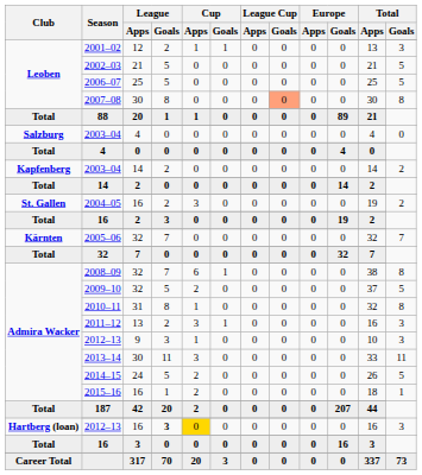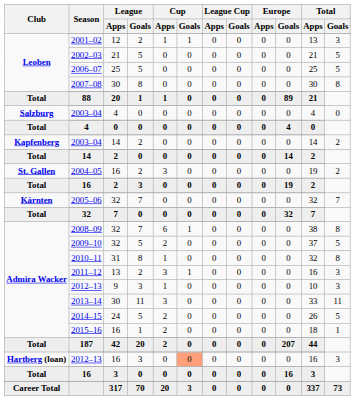 <table class="wikitable" style="font-size:90%; text-align: center;">
 <tr>
 <th rowspan="2">Club</th>
 <th rowspan="2">Season</th>
 <th colspan="2">League</th>
 <th colspan="2">Cup</th>
 <th colspan="2">League Cup</th>
 <th colspan="2">Europe</th>
 <th colspan="2">Total</th>
 </tr>
 <tr>
 <th>Apps</th>
 <th>Goals</th>
 <th>Apps</th>
 <th>Goals</th>
 <th>Apps</th>
 <th>Goals</th>
 <th>Apps</th>
 <th>Goals</th>
 <th>Apps</th>
 <th>Goals</th>
 </tr>
 <tr ||-||-||-|->
 <td rowspan="6" valign="center"><strong><a href='#'>Leoben</a></strong></td>
 </tr>
 <tr>
 <td><a href='#'>2001–02</a></td>
 <td>12</td>
 <td>2</td>
 <td>1</td>
 <td>1</td>
 <td>0</td>
 <td>0</td>
 <td>0</td>
 <td>0</td>
 <td>13</td>
 <td>3</td>
 </tr>
 <tr>
 <td><a href='#'>2002–03</a></td>
 <td>21</td>
 <td>5</td>
 <td>0</td>
 <td>0</td>
 <td>0</td>
 <td>0</td>
 <td>0</td>
 <td>0</td>
 <td>21</td>
 <td>5</td>
 </tr>
 <tr>
 <td><a href='#'>2006–07</a></td>
 <td>25</td>
 <td>5</td>
 <td>0</td>
 <td>0</td>
 <td>0</td>
 <td>0</td>
 <td>0</td>
 <td>0</td>
 <td>25</td>
 <td>5</td>
 </tr>
 <tr>
 <td><a href='#'>2007–08</a></td>
 <td>30</td>
 <td>8</td>
 <td>0</td>
 <td>0</td>
 <td>0</td>
-<td style="background: lightsalmon;">0</td>
+<td>0</td>
 <td>0</td>
 <td>0</td>
 <td>30</td>
 <td>8</td>
 </tr>
 <tr>
 </tr>
 <tr style="font-weight:bold; background-color:#eeeeee;">
 <td>Total</td>
 <td>88</td>
 <td>20</td>
 <td>1</td>
 <td>1</td>
 <td>0</td>
 <td>0</td>
 <td>0</td>
 <td>0</td>
 <td>89</td>
 <td>21</td>
 </tr>
 <tr>
 <td rowspan="3" valign="center"><strong><a href='#'>Salzburg</a></strong></td>
 </tr>
 <tr>
 <td><a href='#'>2003–04</a></td>
 <td>4</td>
 <td>0</td>
 <td>0</td>
 <td>0</td>
 <td>0</td>
 <td>0</td>
 <td>0</td>
 <td>0</td>
 <td>4</td>
 <td>0</td>
 </tr>
 <tr>
 </tr>
 <tr style="font-weight:bold; background-color:#eeeeee;">
 <td>Total</td>
 <td>4</td>
 <td>0</td>
 <td>0</td>
 <td>0</td>
 <td>0</td>
 <td>0</td>
 <td>0</td>
 <td>0</td>
 <td>4</td>
 <td>0</td>
 </tr>
 <tr>
 <td rowspan="3" valign="center"><strong><a href='#'>Kapfenberg</a></strong></td>
 </tr>
 <tr>
 <td><a href='#'>2003–04</a></td>
 <td>14</td>
 <td>2</td>
 <td>0</td>
 <td>0</td>
 <td>0</td>
 <td>0</td>
 <td>0</td>
 <td>0</td>
 <td>14</td>
 <td>2</td>
 </tr>
 <tr>
 </tr>
 <tr style="font-weight:bold; background-color:#eeeeee;">
 <td>Total</td>
 <td>14</td>
 <td>2</td>
 <td>0</td>
 <td>0</td>
 <td>0</td>
 <td>0</td>
 <td>0</td>
 <td>0</td>
 <td>14</td>
 <td>2</td>
 </tr>
 <tr>
 <td rowspan="3" valign="center"><strong><a href='#'>St. Gallen</a></strong></td>
 </tr>
 <tr>
 <td><a href='#'>2004–05</a></td>
 <td>16</td>
 <td>2</td>
 <td>3</td>
 <td>0</td>
 <td>0</td>
 <td>0</td>
 <td>0</td>
 <td>0</td>
 <td>19</td>
 <td>2</td>
 </tr>
 <tr>
 </tr>
 <tr style="font-weight:bold; background-color:#eeeeee;">
 <td>Total</td>
 <td>16</td>
 <td>2</td>
 <td>3</td>
 <td>0</td>
 <td>0</td>
 <td>0</td>
 <td>0</td>
 <td>0</td>
 <td>19</td>
 <td>2</td>
 </tr>
 <tr>
 <td rowspan="3" valign="center"><strong><a href='#'>Kärnten</a></strong></td>
 </tr>
 <tr>
 <td><a href='#'>2005–06</a></td>
 <td>32</td>
 <td>7</td>
 <td>0</td>
 <td>0</td>
 <td>0</td>
 <td>0</td>
 <td>0</td>
 <td>0</td>
 <td>32</td>
 <td>7</td>
 </tr>
 <tr>
 </tr>
 <tr style="font-weight:bold; background-color:#eeeeee;">
 <td>Total</td>
 <td>32</td>
 <td>7</td>
 <td>0</td>
 <td>0</td>
 <td>0</td>
 <td>0</td>
 <td>0</td>
 <td>0</td>
 <td>32</td>
 <td>7</td>
 </tr>
 <tr>
 <td rowspan="10" valign="center"><strong><a href='#'>Admira Wacker</a></strong></td>
 </tr>
 <tr>
 <td><a href='#'>2008–09</a></td>
 <td>32</td>
 <td>7</td>
 <td>6</td>
 <td>1</td>
 <td>0</td>
 <td>0</td>
 <td>0</td>
 <td>0</td>
 <td>38</td>
 <td>8</td>
 </tr>
 <tr>
 <td><a href='#'>2009–10</a></td>
 <td>32</td>
 <td>5</td>
 <td>2</td>
 <td>0</td>
 <td>0</td>
 <td>0</td>
 <td>0</td>
 <td>0</td>
 <td>37</td>
 <td>5</td>
 </tr>
 <tr>
 <td><a href='#'>2010–11</a></td>
 <td>31</td>
 <td>8</td>
 <td>1</td>
 <td>0</td>
 <td>0</td>
 <td>0</td>
 <td>0</td>
 <td>0</td>
 <td>32</td>
 <td>8</td>
 </tr>
 <tr>
 <td><a href='#'>2011–12</a></td>
 <td>13</td>
 <td>2</td>
 <td>3</td>
 <td>1</td>
 <td>0</td>
 <td>0</td>
 <td>0</td>
 <td>0</td>
 <td>16</td>
 <td>3</td>
 </tr>
 <tr>
 <td><a href='#'>2012–13</a></td>
 <td>9</td>
 <td>3</td>
 <td>1</td>
 <td>0</td>
 <td>0</td>
 <td>0</td>
 <td>0</td>
 <td>0</td>
 <td>10</td>
 <td>3</td>
 </tr>
 <tr>
 <td><a href='#'>2013–14</a></td>
 <td>30</td>
 <td>11</td>
 <td>3</td>
 <td>0</td>
 <td>0</td>
 <td>0</td>
 <td>0</td>
 <td>0</td>
 <td>33</td>
 <td>11</td>
 </tr>
 <tr>
 <td><a href='#'>2014–15</a></td>
 <td>24</td>
 <td>5</td>
 <td>2</td>
 <td>0</td>
 <td>0</td>
 <td>0</td>
 <td>0</td>
 <td>0</td>
 <td>26</td>
 <td>5</td>
 </tr>
 <tr>
 <td><a href='#'>2015–16</a></td>
 <td>16</td>
 <td>1</td>
 <td>2</td>
 <td>0</td>
 <td>0</td>
 <td>0</td>
 <td>0</td>
 <td>0</td>
 <td>18</td>
 <td>1</td>
 </tr>
 <tr>
 </tr>
 <tr style="font-weight:bold; background-color:#eeeeee;">
 <td>Total</td>
 <td>187</td>
 <td>42</td>
 <td>20</td>
 <td>2</td>
 <td>0</td>
 <td>0</td>
 <td>0</td>
 <td>0</td>
 <td>207</td>
 <td>44</td>
 </tr>
 <tr>
 <td rowspan="3" valign="center"><strong><a href='#'>Hartberg</a> (loan)</strong></td>
 </tr>
 <tr>
 <td><a href='#'>2012–13</a></td>
 <td>16</td>
-<td><strong>3</strong></td>
-<td style="background: gold;">0</td>
+<td>3</td>
 <td>0</td>
+<td style="background: lightsalmon;">0</td>
 <td>0</td>
 <td>0</td>
 <td>0</td>
 <td>0</td>
 <td>16</td>
 <td>3</td>
 </tr>
 <tr>
 </tr>
 <tr style="font-weight:bold; background-color:#eeeeee;">
 <td>Total</td>
 <td>16</td>
 <td>3</td>
 <td>0</td>
 <td>0</td>
 <td>0</td>
 <td>0</td>
 <td>0</td>
 <td>0</td>
 <td>16</td>
 <td>3</td>
 </tr>
 <tr>
 </tr>
 <tr style="font-weight:bold; background-color:#eeeeee;">
 <td rowspan="2" valign="top"><strong>Career Total</strong></td>
 <td></td>
 <td><strong>317</strong></td>
 <td><strong>70</strong></td>
 <td><strong>20</strong></td>
 <td><strong>3</strong></td>
 <td><strong>0</strong></td>
 <td><strong>0</strong></td>
 <td><strong>0</strong></td>
 <td><strong>0</strong></td>
 <td><strong>337</strong></td>
 <td><strong>73</strong></td>
 </tr>
 </table>
